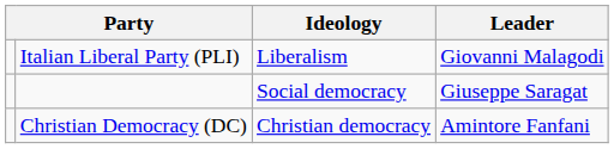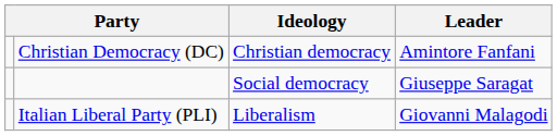 <table class=wikitable style="font-size:95%">
 <tr>
 <th colspan=2>Party</th>
 <th>Ideology</th>
 <th>Leader</th>
 </tr>
 <tr>
 <td style="color:inherit;background:"></td>
-<td><a href='#'>Italian Liberal Party</a> (PLI)</td>
-<td><a href='#'>Liberalism</a></td>
-<td><a href='#'>Giovanni Malagodi</a></td>
+<td><a href='#'>Christian Democracy</a> (DC)</td>
+<td><a href='#'>Christian democracy</a></td>
+<td><a href='#'>Amintore Fanfani</a></td>
 </tr>
 <tr>
 <td style="color:inherit;background:"></td>
 <td></td>
 <td><a href='#'>Social democracy</a></td>
 <td><a href='#'>Giuseppe Saragat</a></td>
 </tr>
 <tr>
 <td style="color:inherit;background:"></td>
-<td><a href='#'>Christian Democracy</a> (DC)</td>
-<td><a href='#'>Christian democracy</a></td>
-<td><a href='#'>Amintore Fanfani</a></td>
+<td><a href='#'>Italian Liberal Party</a> (PLI)</td>
+<td><a href='#'>Liberalism</a></td>
+<td><a href='#'>Giovanni Malagodi</a></td>
 </tr>
 </table>
